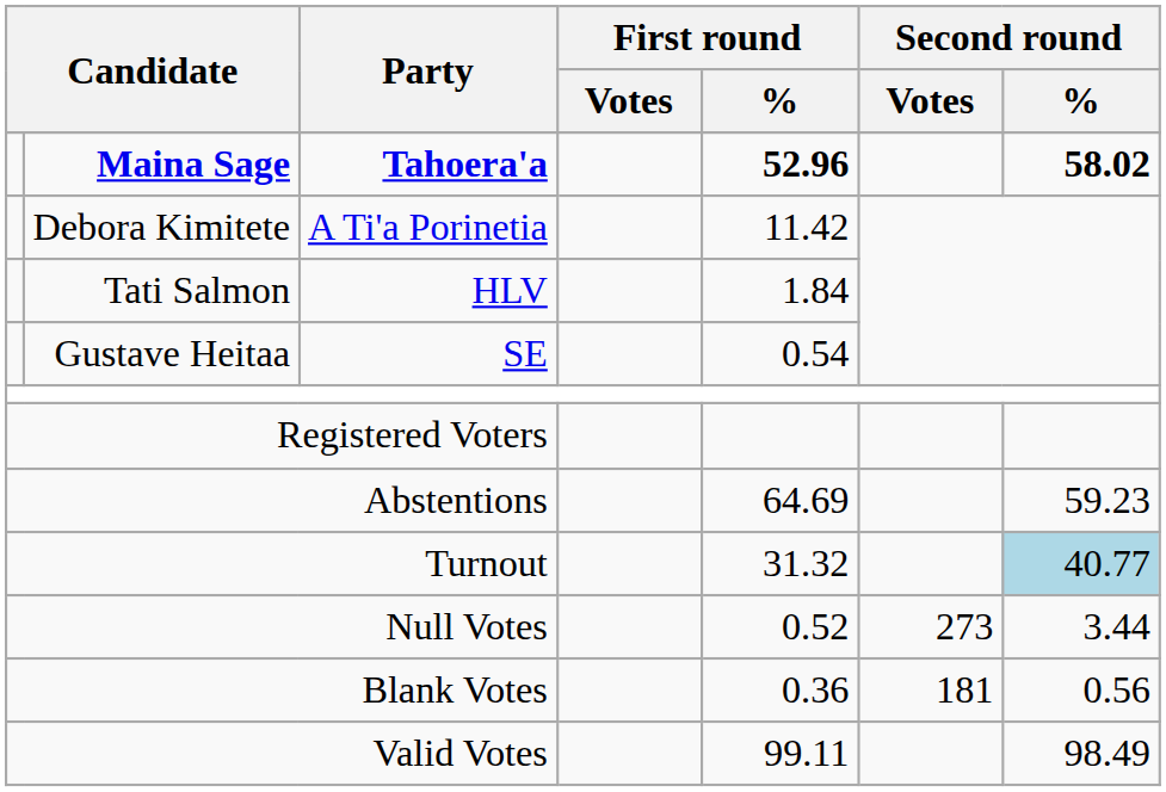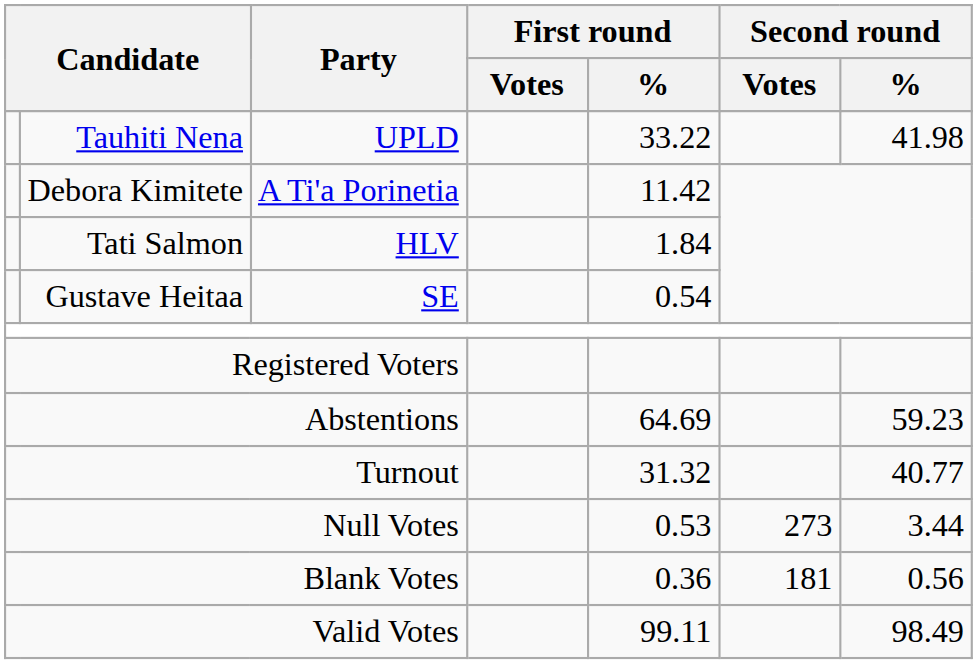 <table class="wikitable" style="text-align:right;font-size:95%;">
 <tr>
 <th rowspan=2 colspan=2>Candidate</th>
 <th rowspan=2 colspan=1>Party</th>
 <th colspan=2>First round</th>
 <th colspan=2>Second round</th>
 </tr>
 <tr>
 <th style="width:50px;">Votes</th>
 <th style="width:55px;">%</th>
 <th style="width:50px;">Votes</th>
 <th style="width:55px;">%</th>
 </tr>
 <tr>
 </tr>
 <tr>
-<td style="color:inherit;background-color:"></td>
-<td><strong><a href='#'>Maina Sage</a></strong></td>
-<td><strong><a href='#'>Tahoera'a</a></strong></td>
-<td style="text-align: right"><strong></strong></td>
-<td style="text-align: right"><strong>52.96</strong></td>
-<td style="text-align: right"><strong></strong></td>
-<td style="text-align: right"><strong>58.02</strong></td>
+<td></td>
+<td><a href='#'>Tauhiti Nena</a></td>
+<td><a href='#'>UPLD</a></td>
+<td style="text-align: right"></td>
+<td style="text-align: right">33.22</td>
+<td style="text-align: right"></td>
+<td style="text-align: right">41.98</td>
 </tr>
 <tr>
 <td></td>
 <td>Debora Kimitete</td>
 <td><a href='#'>A Ti'a Porinetia</a></td>
 <td style="text-align: right"></td>
 <td style="text-align: right">11.42</td>
 <td style="text-align: right" colspan=2 rowspan=3></td>
 </tr>
 <tr>
 <td style="color:inherit;background-color:"></td>
 <td>Tati Salmon</td>
 <td><a href='#'>HLV</a></td>
 <td style="text-align: right"></td>
 <td style="text-align: right">1.84</td>
 </tr>
 <tr>
 <td></td>
 <td>Gustave Heitaa</td>
 <td><a href='#'>SE</a></td>
 <td style="text-align: right"></td>
 <td style="text-align: right">0.54</td>
 </tr>
 <tr bgcolor=white>
 <td colspan=7></td>
 </tr>
 <tr>
 <td colspan=3>Registered  Voters</td>
 <td style="text-align: right"></td>
 <td style="text-align: right"></td>
 <td style="text-align: right"></td>
 <td style="text-align: right"></td>
 </tr>
 <tr>
 <td colspan=3>Abstentions</td>
 <td style="text-align: right"></td>
 <td style="text-align: right">64.69</td>
 <td style="text-align: right"></td>
 <td style="text-align: right">59.23</td>
 </tr>
 <tr>
 <td colspan=3>Turnout</td>
 <td style="text-align: right"></td>
 <td style="text-align: right">31.32</td>
 <td style="text-align: right"></td>
-<td style="background: lightblue; text-align: right">40.77</td>
+<td style="text-align: right">40.77</td>
 </tr>
 <tr>
 <td colspan=3>Null Votes</td>
 <td style="text-align: right"></td>
-<td style="text-align: right">0.52</td>
+<td style="text-align: right">0.53</td>
 <td style="text-align: right">273</td>
 <td style="text-align: right">3.44</td>
 </tr>
 <tr>
 <td colspan=3>Blank Votes</td>
 <td style="text-align: right"></td>
 <td style="text-align: right">0.36</td>
 <td style="text-align: right">181</td>
 <td style="text-align: right">0.56</td>
 </tr>
 <tr>
 <td colspan=3>Valid Votes</td>
 <td style="text-align: right"></td>
 <td style="text-align: right">99.11</td>
 <td style="text-align: right"></td>
 <td style="text-align: right">98.49</td>
 </tr>
 </table>
